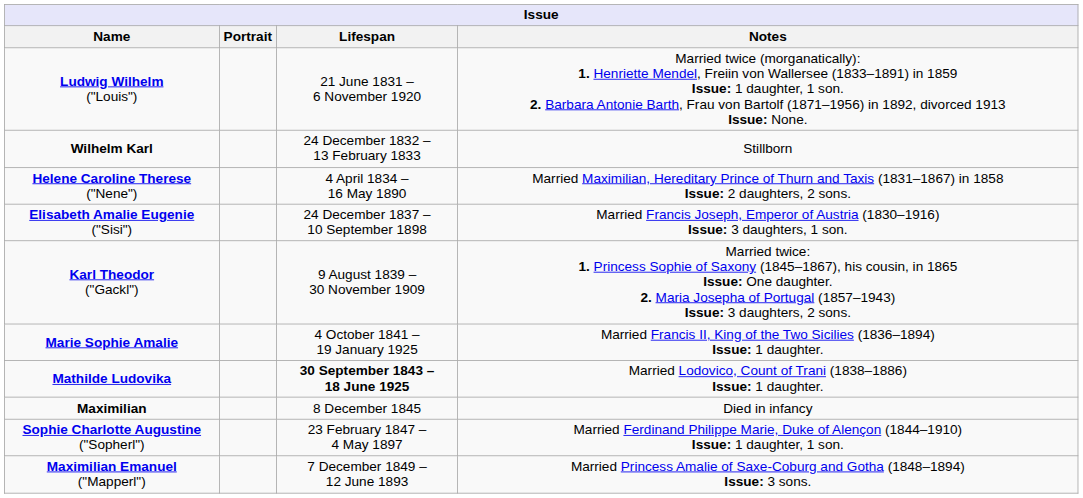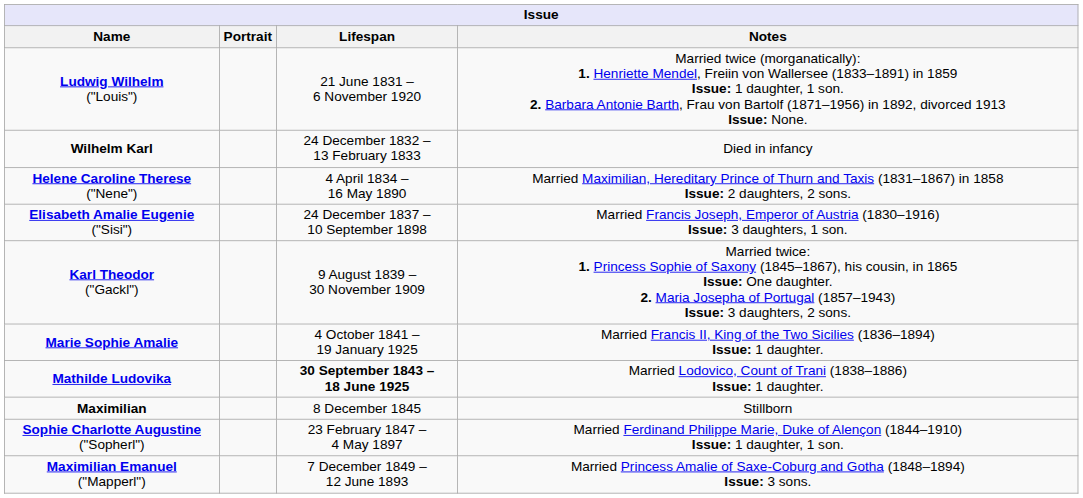 <table style="text-align:center; width:100%" class="wikitable collapsible collapsed">
 <tr>
 <th colspan=5 style="background:lavender;">Issue</th>
 </tr>
 <tr>
 <th width=20%>Name</th>
 <th width=60px>Portrait</th>
 <th>Lifespan</th>
 <th>Notes</th>
 </tr>
 <tr>
 <td><strong><a href='#'>Ludwig Wilhelm</a></strong><br>("Louis")</td>
 <td></td>
 <td>21 June 1831 –<br> 6 November 1920</td>
 <td>Married twice (morganatically):<br><strong>1.</strong> <a href='#'>Henriette Mendel</a>, Freiin von Wallersee (1833–1891) in 1859<br><strong>Issue:</strong> 1 daughter, 1 son.<br><strong>2.</strong> <a href='#'>Barbara Antonie Barth</a>, Frau von Bartolf (1871–1956) in 1892, divorced 1913<br><strong>Issue:</strong> None.</td>
 </tr>
 <tr>
 <td><strong>Wilhelm Karl</strong></td>
 <td></td>
 <td>24 December 1832 –<br>13 February 1833</td>
-<td>Stillborn</td>
+<td>Died in infancy</td>
 </tr>
 <tr>
 <td><strong><a href='#'>Helene Caroline Therese</a></strong><br>("Nene")</td>
 <td></td>
 <td>4 April 1834 –<br> 16 May 1890</td>
 <td>Married <a href='#'>Maximilian, Hereditary Prince of Thurn and Taxis</a> (1831–1867) in 1858<br><strong>Issue:</strong> 2 daughters, 2 sons.</td>
 </tr>
 <tr>
 <td><strong><a href='#'>Elisabeth Amalie Eugenie</a></strong><br>("Sisi")</td>
 <td></td>
 <td>24 December 1837 –<br>10 September 1898</td>
 <td>Married <a href='#'>Francis Joseph, Emperor of Austria</a> (1830–1916)<br><strong>Issue:</strong> 3 daughters, 1 son.</td>
 </tr>
 <tr>
 <td><strong><a href='#'>Karl Theodor</a></strong><br>("Gackl")</td>
 <td></td>
 <td>9 August 1839 –<br>30 November 1909</td>
 <td>Married twice:<br><strong>1.</strong> <a href='#'>Princess Sophie of Saxony</a> (1845–1867), his cousin, in 1865<br><strong>Issue:</strong> One daughter.<br><strong>2.</strong> <a href='#'>Maria Josepha of Portugal</a> (1857–1943)<br><strong>Issue:</strong> 3 daughters, 2 sons.</td>
 </tr>
 <tr>
 <td><strong><a href='#'>Marie Sophie Amalie</a></strong></td>
 <td></td>
 <td>4 October 1841 –<br> 19 January 1925</td>
 <td>Married <a href='#'>Francis II, King of the Two Sicilies</a> (1836–1894)<br><strong>Issue:</strong> 1 daughter.</td>
 </tr>
 <tr>
 <td><strong><a href='#'>Mathilde Ludovika</a></strong></td>
 <td></td>
 <td><strong>30 September 1843 –<br> 18 June 1925</strong></td>
 <td>Married <a href='#'>Lodovico, Count of Trani</a> (1838–1886)<br><strong>Issue:</strong> 1 daughter.</td>
 </tr>
 <tr>
 <td><strong>Maximilian</strong></td>
 <td></td>
 <td>8 December 1845</td>
-<td>Died in infancy</td>
+<td>Stillborn</td>
 </tr>
 <tr>
 <td><strong><a href='#'>Sophie Charlotte Augustine</a> </strong><br>("Sopherl")</td>
 <td></td>
 <td>23 February 1847 –<br> 4 May 1897</td>
 <td>Married <a href='#'>Ferdinand Philippe Marie, Duke of Alençon</a> (1844–1910)<br><strong>Issue:</strong> 1 daughter, 1 son.</td>
 </tr>
 <tr>
 <td><strong><a href='#'>Maximilian Emanuel</a></strong><br>("Mapperl")</td>
 <td></td>
 <td>7 December 1849 –<br>12 June 1893</td>
 <td>Married <a href='#'>Princess Amalie of Saxe-Coburg and Gotha</a> (1848–1894)<br><strong>Issue:</strong> 3 sons.</td>
 </tr>
 </table>
